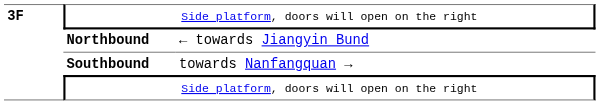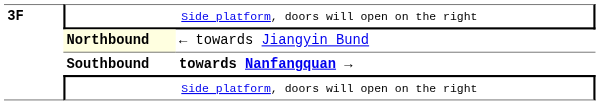 <table table border=0 cellspacing=0 cellpadding=3>
 <tr>
 <td style="border-top:solid 1px gray;border-bottom:solid 1px gray;" width=50 rowspan=4 valign=top><strong>3F</strong></td>
 <td style="border-right:solid 2px black;border-left:solid 2px black;border-bottom:solid 2px black;border-top:solid 1px gray;text-align:center;" colspan=2><small><a href='#'>Side platform</a>, doors will open on the right</small></td>
 </tr>
 <tr>
-<td style="border-bottom:solid 1px gray;" width=100><strong>Northbound</strong></td>
+<td style="background: lightyellow; border-bottom:solid 1px gray;" width=100><strong>Northbound</strong></td>
 <td style="border-bottom:solid 1px gray;" width=390>←  towards <a href='#'>Jiangyin Bund</a></td>
 </tr>
 <tr>
 <td><strong>Southbound</strong></td>
-<td> towards <a href='#'>Nanfangquan</a> →</td>
+<td><strong> towards <a href='#'>Nanfangquan</a> →</strong></td>
 </tr>
 <tr>
 <td style="border-top:solid 2px black;border-right:solid 2px black;border-left:solid 2px black;border-bottom:solid 1px gray;text-align:center;" colspan=2><small><a href='#'>Side platform</a>, doors will open on the right</small></td>
 </tr>
 </table>
